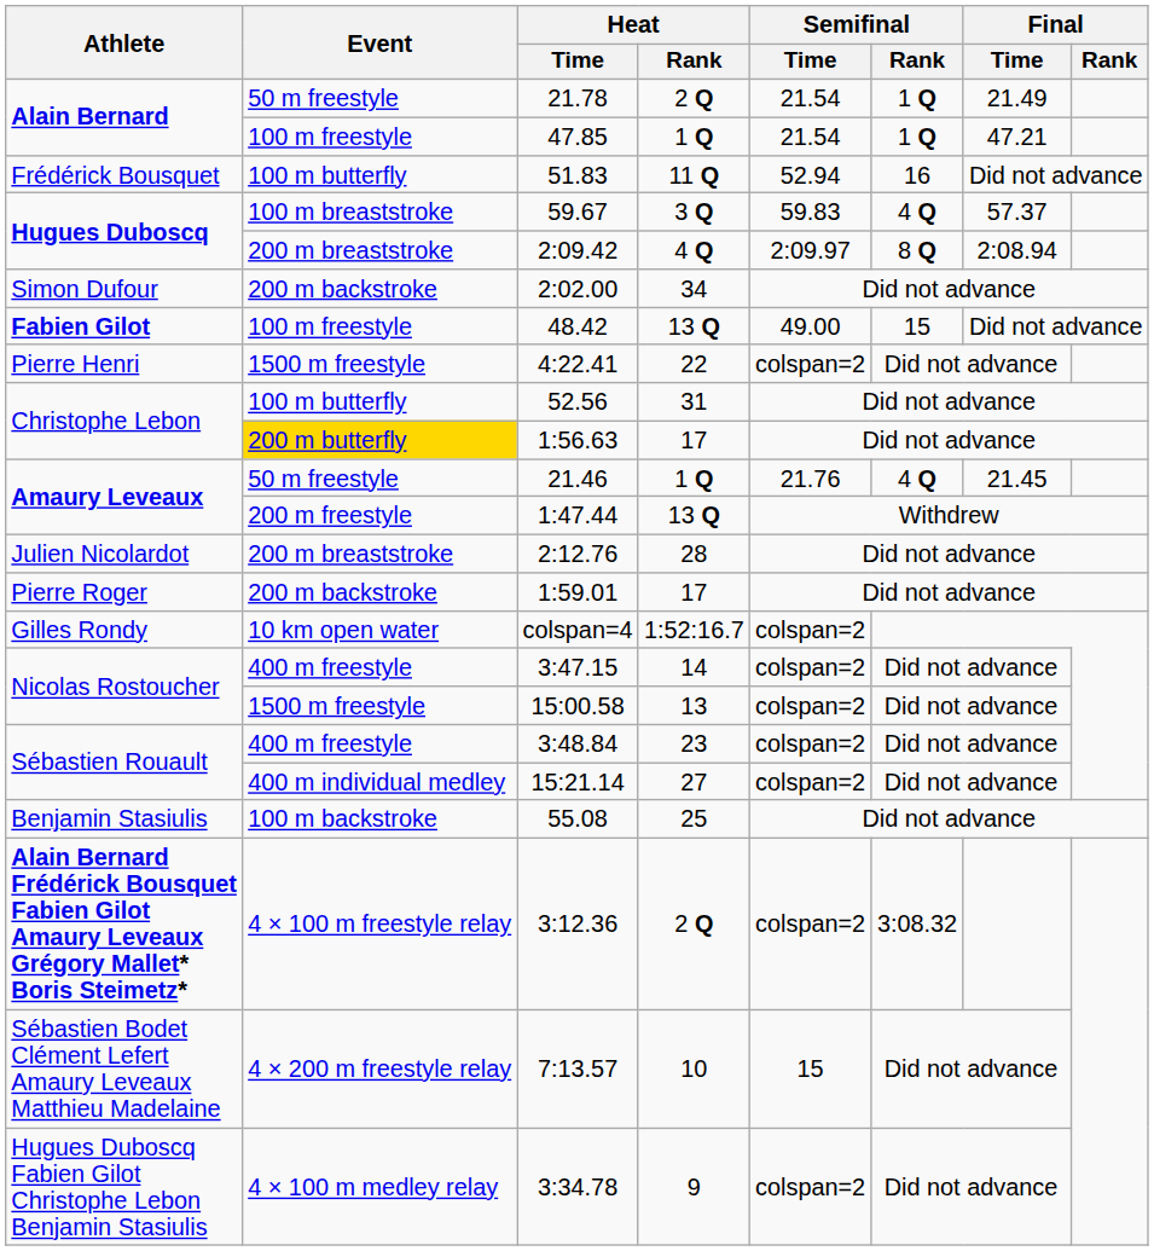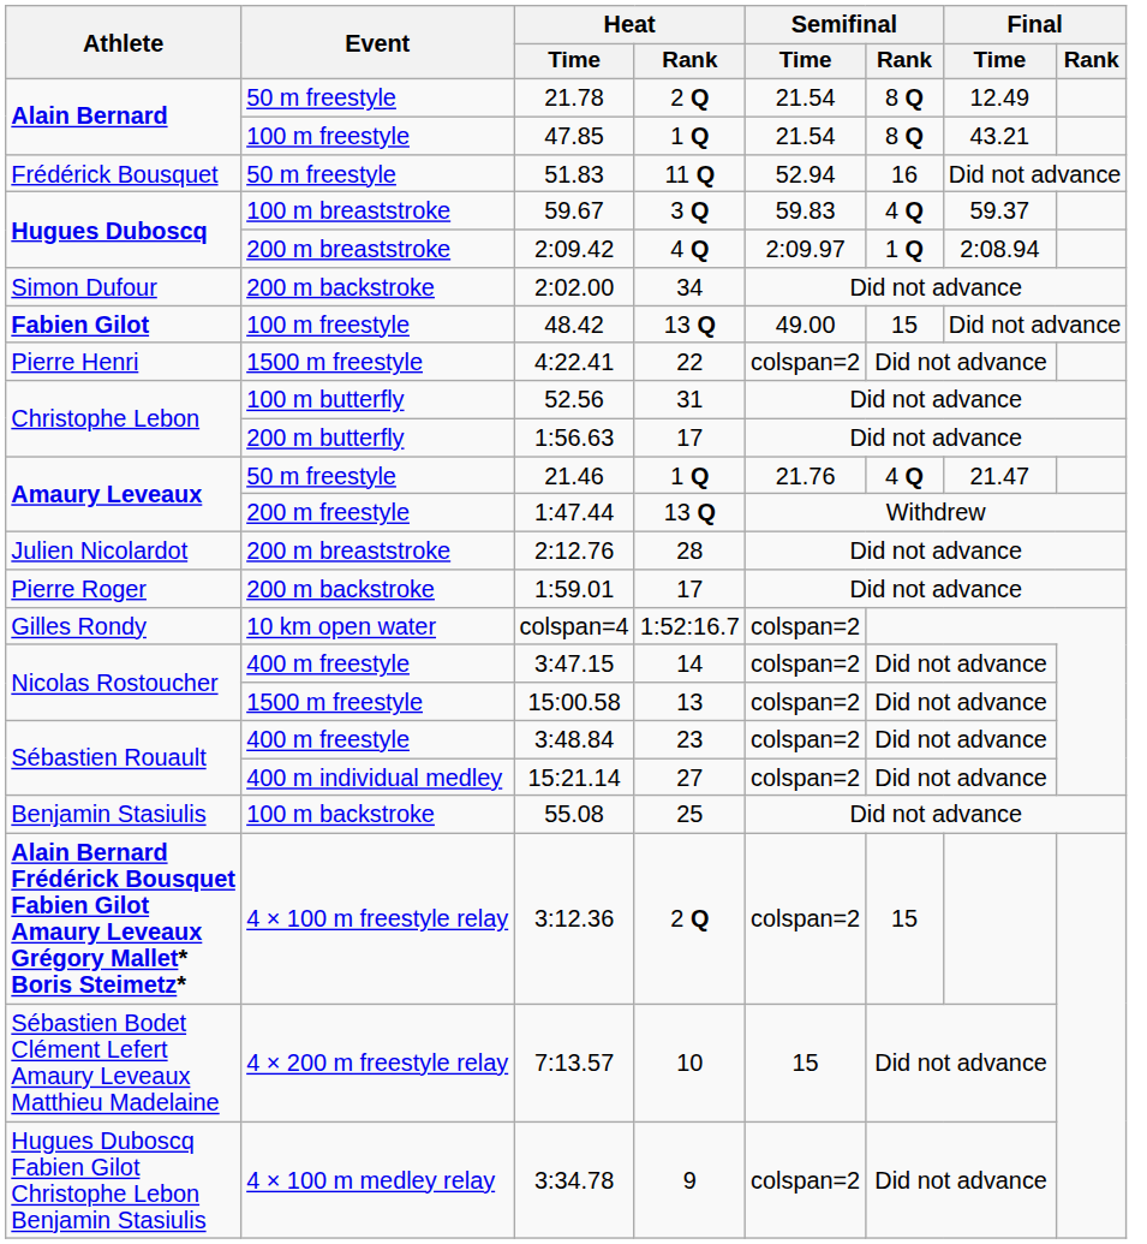 <table class=wikitable style="font-size:90%">
 <tr>
 <th rowspan="2">Athlete</th>
 <th rowspan="2">Event</th>
 <th colspan="2">Heat</th>
 <th colspan="2">Semifinal</th>
 <th colspan="2">Final</th>
 </tr>
 <tr style="font-size:95%">
 <th>Time</th>
 <th>Rank</th>
 <th>Time</th>
 <th>Rank</th>
 <th>Time</th>
 <th>Rank</th>
 </tr>
 <tr align=center>
 <td align=left rowspan=2><strong><a href='#'>Alain Bernard</a></strong></td>
 <td align=left><a href='#'>50 m freestyle</a></td>
 <td>21.78</td>
 <td>2 <strong>Q</strong></td>
 <td>21.54</td>
-<td>1 <strong>Q</strong></td>
-<td>21.49</td>
+<td>8 <strong>Q</strong></td>
+<td>12.49</td>
 <td></td>
 </tr>
 <tr align=center>
 <td align=left><a href='#'>100 m freestyle</a></td>
 <td>47.85</td>
 <td>1 <strong>Q</strong></td>
 <td>21.54</td>
-<td>1 <strong>Q</strong></td>
-<td>47.21</td>
+<td>8 <strong>Q</strong></td>
+<td>43.21</td>
 <td></td>
 </tr>
 <tr align=center>
 <td align=left><a href='#'>Frédérick Bousquet</a></td>
-<td align=left><a href='#'>100 m butterfly</a></td>
+<td align=left><a href='#'>50 m freestyle</a></td>
 <td>51.83</td>
 <td>11 <strong>Q</strong></td>
 <td>52.94</td>
 <td>16</td>
 <td colspan=2>Did not advance</td>
 </tr>
 <tr align=center>
 <td align=left rowspan=2><strong><a href='#'>Hugues Duboscq</a></strong></td>
 <td align=left><a href='#'>100 m breaststroke</a></td>
 <td>59.67</td>
 <td>3 <strong>Q</strong></td>
 <td>59.83</td>
 <td>4 <strong>Q</strong></td>
-<td>57.37</td>
+<td>59.37</td>
 <td></td>
 </tr>
 <tr align=center>
 <td align=left><a href='#'>200 m breaststroke</a></td>
 <td>2:09.42</td>
 <td>4 <strong>Q</strong></td>
 <td>2:09.97</td>
-<td>8 <strong>Q</strong></td>
+<td>1 <strong>Q</strong></td>
 <td>2:08.94</td>
 <td></td>
 </tr>
 <tr align=center>
 <td align=left><a href='#'>Simon Dufour</a></td>
 <td align=left><a href='#'>200 m backstroke</a></td>
 <td>2:02.00</td>
 <td>34</td>
 <td colspan=4>Did not advance</td>
 </tr>
 <tr align=center>
 <td align=left><strong><a href='#'>Fabien Gilot</a></strong></td>
 <td align=left><a href='#'>100 m freestyle</a></td>
 <td>48.42</td>
 <td>13 <strong>Q</strong></td>
 <td>49.00</td>
 <td>15</td>
 <td colspan=2>Did not advance</td>
 </tr>
 <tr align=center>
 <td align=left><a href='#'>Pierre Henri</a></td>
 <td align=left><a href='#'>1500 m freestyle</a></td>
 <td>4:22.41</td>
 <td>22</td>
 <td>colspan=2 </td>
 <td colspan=2>Did not advance</td>
 </tr>
 <tr align=center>
 <td align=left rowspan=2><a href='#'>Christophe Lebon</a></td>
 <td align=left><a href='#'>100 m butterfly</a></td>
 <td>52.56</td>
 <td>31</td>
 <td colspan=4>Did not advance</td>
 </tr>
 <tr align=center>
-<td align=left style="background: gold;"><a href='#'>200 m butterfly</a></td>
+<td align=left><a href='#'>200 m butterfly</a></td>
 <td>1:56.63</td>
 <td>17</td>
 <td colspan=4>Did not advance</td>
 </tr>
 <tr align=center>
 <td align=left rowspan=2><strong><a href='#'>Amaury Leveaux</a></strong></td>
 <td align=left><a href='#'>50 m freestyle</a></td>
 <td>21.46</td>
 <td>1 <strong>Q</strong></td>
 <td>21.76</td>
 <td>4 <strong>Q</strong></td>
-<td>21.45</td>
+<td>21.47</td>
 <td></td>
 </tr>
 <tr align=center>
 <td align=left><a href='#'>200 m freestyle</a></td>
 <td>1:47.44</td>
 <td>13 <strong>Q</strong></td>
 <td colspan=4>Withdrew</td>
 </tr>
 <tr align=center>
 <td align=left><a href='#'>Julien Nicolardot</a></td>
 <td align=left><a href='#'>200 m breaststroke</a></td>
 <td>2:12.76</td>
 <td>28</td>
 <td colspan=4>Did not advance</td>
 </tr>
 <tr align=center>
 <td align=left><a href='#'>Pierre Roger</a></td>
 <td align=left><a href='#'>200 m backstroke</a></td>
 <td>1:59.01</td>
 <td>17</td>
 <td colspan=4>Did not advance</td>
 </tr>
 <tr align=center>
 <td align=left><a href='#'>Gilles Rondy</a></td>
 <td align=left><a href='#'>10 km open water</a></td>
 <td>colspan=4 </td>
 <td>1:52:16.7</td>
 <td>colspan=2 </td>
 </tr>
 <tr align=center>
 <td align=left rowspan=2><a href='#'>Nicolas Rostoucher</a></td>
 <td align=left><a href='#'>400 m freestyle</a></td>
 <td>3:47.15</td>
 <td>14</td>
 <td>colspan=2 </td>
 <td colspan=2>Did not advance</td>
 </tr>
 <tr align=center>
 <td align=left><a href='#'>1500 m freestyle</a></td>
 <td>15:00.58</td>
 <td>13</td>
 <td>colspan=2 </td>
 <td colspan=2>Did not advance</td>
 </tr>
 <tr align=center>
 <td align=left rowspan=2><a href='#'>Sébastien Rouault</a></td>
 <td align=left><a href='#'>400 m freestyle</a></td>
 <td>3:48.84</td>
 <td>23</td>
 <td>colspan=2 </td>
 <td colspan=2>Did not advance</td>
 </tr>
 <tr align=center>
 <td align=left><a href='#'>400 m individual medley</a></td>
 <td>15:21.14</td>
 <td>27</td>
 <td>colspan=2 </td>
 <td colspan=2>Did not advance</td>
 </tr>
 <tr align=center>
 <td align=left><a href='#'>Benjamin Stasiulis</a></td>
 <td align=left><a href='#'>100 m backstroke</a></td>
 <td>55.08</td>
 <td>25</td>
 <td colspan=4>Did not advance</td>
 </tr>
 <tr align=center>
 <td align=left><strong><a href='#'>Alain Bernard</a><br><a href='#'>Frédérick Bousquet</a><br><a href='#'>Fabien Gilot</a><br><a href='#'>Amaury Leveaux</a><br><a href='#'>Grégory Mallet</a>*<br><a href='#'>Boris Steimetz</a>*</strong></td>
 <td align=left><a href='#'>4 × 100 m freestyle relay</a></td>
 <td>3:12.36</td>
 <td>2 <strong>Q</strong></td>
 <td>colspan=2 </td>
-<td>3:08.32</td>
+<td>15</td>
 <td></td>
 </tr>
 <tr align=center>
 <td align=left><a href='#'>Sébastien Bodet</a><br><a href='#'>Clément Lefert</a><br><a href='#'>Amaury Leveaux</a><br><a href='#'>Matthieu Madelaine</a></td>
 <td align=left><a href='#'>4 × 200 m freestyle relay</a></td>
 <td>7:13.57</td>
 <td>10</td>
 <td>15</td>
 <td colspan=2>Did not advance</td>
 </tr>
 <tr align=center>
 <td align=left><a href='#'>Hugues Duboscq</a><br><a href='#'>Fabien Gilot</a><br><a href='#'>Christophe Lebon</a><br><a href='#'>Benjamin Stasiulis</a></td>
 <td align=left><a href='#'>4 × 100 m medley relay</a></td>
 <td>3:34.78</td>
 <td>9</td>
 <td>colspan=2 </td>
 <td colspan=2>Did not advance</td>
 </tr>
 </table>
